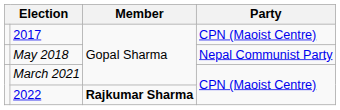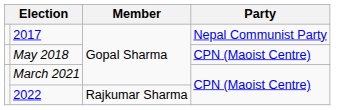 <table class="wikitable">
 <tr>
 <th colspan="2">Election</th>
 <th>Member</th>
 <th>Party</th>
 </tr>
 <tr>
 <td style="color:inherit;background:"></td>
 <td><a href='#'>2017</a></td>
 <td rowspan="3">Gopal Sharma</td>
-<td><a href='#'>CPN (Maoist Centre)</a></td>
+<td><a href='#'>Nepal Communist Party</a></td>
 </tr>
 <tr>
 <td style="color:inherit;background:"></td>
 <td><em>May 2018</em></td>
-<td><a href='#'>Nepal Communist Party</a></td>
+<td><a href='#'>CPN (Maoist Centre)</a></td>
 </tr>
 <tr>
 <td rowspan="2" style="color:inherit;background:"></td>
 <td><em>March 2021</em></td>
 <td rowspan="2"><a href='#'>CPN (Maoist Centre)</a></td>
 </tr>
 <tr>
 <td><a href='#'>2022</a></td>
-<td><strong>Rajkumar Sharma</strong></td>
+<td>Rajkumar Sharma</td>
 </tr>
 </table>
